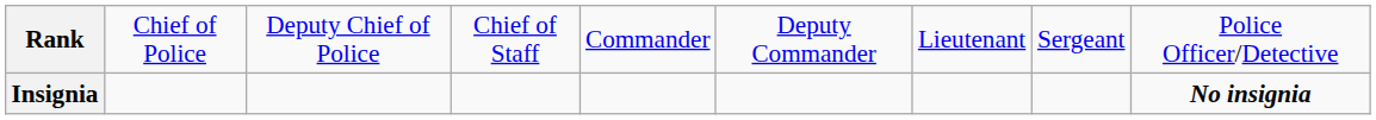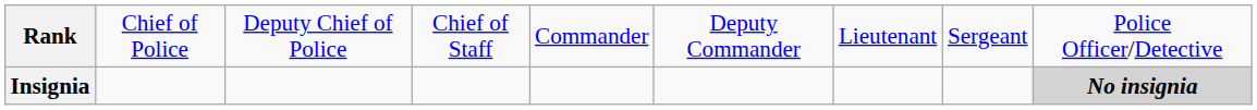 <table class="wikitable">
 <tr style="text-align:center;">
 <th>Rank</th>
 <td><a href='#'>Chief of Police</a></td>
 <td><a href='#'>Deputy Chief of Police</a></td>
 <td><a href='#'>Chief of Staff</a></td>
 <td><a href='#'>Commander</a></td>
 <td><a href='#'>Deputy Commander</a></td>
 <td><a href='#'>Lieutenant</a></td>
 <td><a href='#'>Sergeant</a></td>
 <td><a href='#'>Police Officer</a>/<a href='#'>Detective</a></td>
 </tr>
 <tr style="text-align:center;">
 <th>Insignia</th>
 <td></td>
 <td></td>
 <td></td>
 <td></td>
 <td></td>
 <td></td>
 <td></td>
-<td><strong><em>No insignia</em></strong></td>
+<td style="background: lightgrey;"><strong><em>No insignia</em></strong></td>
 </tr>
 </table>
